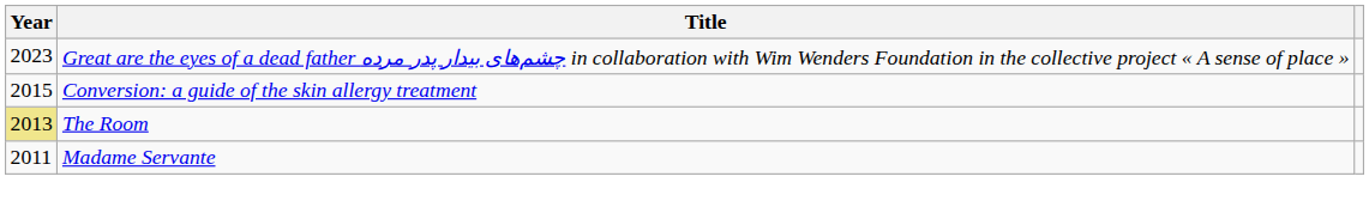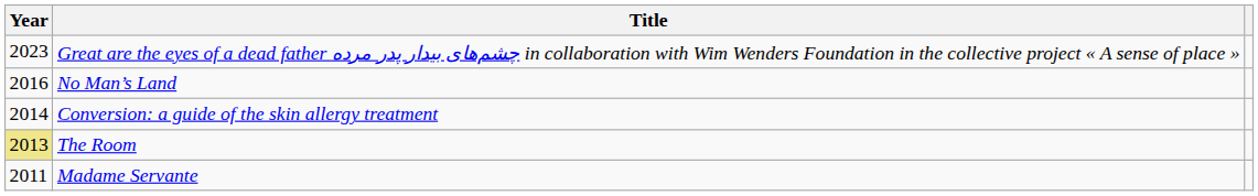 <table class="wikitable sortable">
 <tr>
 <th>Year</th>
 <th>Title</th>
 <th></th>
 </tr>
 <tr>
 <td>2023</td>
 <td><em><a href='#'>Great are the eyes of a dead father  چشم‌های بیدار پدر مرده</a> in collaboration with Wim Wenders Foundation in the collective project « A sense of place »</em></td>
 <td></td>
 </tr>
 <tr>
-<td>2015</td>
+<td>2016</td>
+<td><em><a href='#'>No Man’s Land</a></em></td>
+<td></td>
+</tr>
+<tr>
+<td>2014</td>
 <td><em><a href='#'>Conversion: a guide of the skin allergy treatment</a></em></td>
 <td></td>
 </tr>
 <tr>
 <td style="background: khaki;">2013</td>
 <td><em><a href='#'>The Room</a></em></td>
 <td></td>
 </tr>
 <tr>
 <td>2011</td>
 <td><em><a href='#'>Madame Servante</a></em></td>
 <td></td>
 </tr>
 </table>
